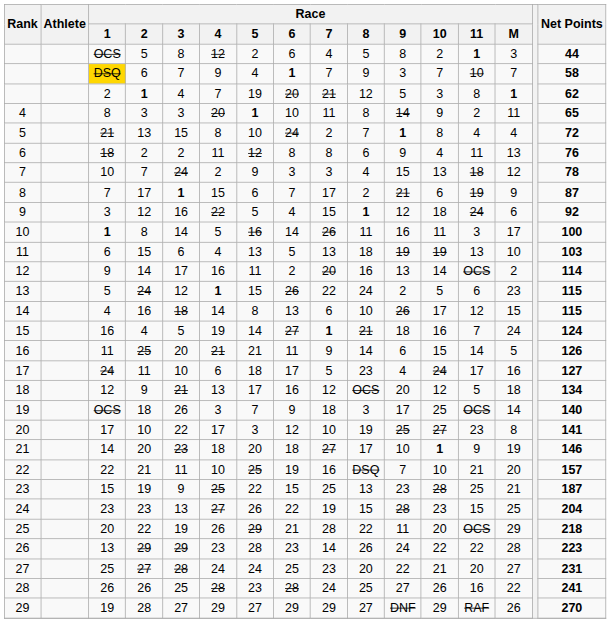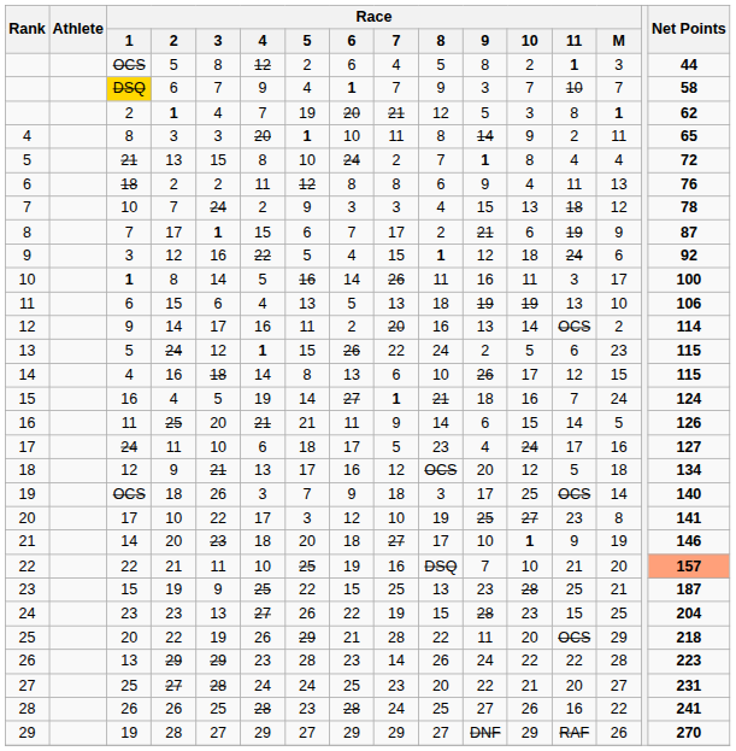 <table class="wikitable" style="text-align:center">
 <tr>
 <th rowspan="2">Rank</th>
 <th rowspan="2">Athlete</th>
 <th colspan="12">Race</th>
 <th width=1% rowspan=45></th>
 <th rowspan="2">Net Points</th>
 </tr>
 <tr>
 <th width=40>1</th>
 <th width=40>2</th>
 <th width=40>3</th>
 <th width=40>4</th>
 <th width=40>5</th>
 <th width=40>6</th>
 <th width=40>7</th>
 <th width=40>8</th>
 <th width=40>9</th>
 <th width=40>10</th>
 <th width=40>11</th>
 <th width=40>M</th>
 </tr>
 <tr>
 <td></td>
 <td align=left></td>
 <td><s>OCS</s></td>
 <td>5</td>
 <td>8</td>
 <td><s>12</s></td>
 <td>2</td>
 <td>6</td>
 <td>4</td>
 <td>5</td>
 <td>8</td>
 <td>2</td>
 <td><strong>1</strong></td>
 <td>3</td>
 <td><strong>44</strong></td>
 </tr>
 <tr>
 <td></td>
 <td align=left></td>
 <td style="background: gold;"><s>DSQ</s></td>
 <td>6</td>
 <td>7</td>
 <td>9</td>
 <td>4</td>
 <td><strong>1</strong></td>
 <td>7</td>
 <td>9</td>
 <td>3</td>
 <td>7</td>
 <td><s>10</s></td>
 <td>7</td>
 <td><strong>58</strong></td>
 </tr>
 <tr>
 <td></td>
 <td align=left></td>
 <td>2</td>
 <td><strong>1</strong></td>
 <td>4</td>
 <td>7</td>
 <td>19</td>
 <td><s>20</s></td>
 <td><s>21</s></td>
 <td>12</td>
 <td>5</td>
 <td>3</td>
 <td>8</td>
 <td><strong>1</strong></td>
 <td><strong>62</strong></td>
 </tr>
 <tr>
 <td>4</td>
 <td align=left></td>
 <td>8</td>
 <td>3</td>
 <td>3</td>
 <td><s>20</s></td>
 <td><strong>1</strong></td>
 <td>10</td>
 <td>11</td>
 <td>8</td>
 <td><s>14</s></td>
 <td>9</td>
 <td>2</td>
 <td>11</td>
 <td><strong>65</strong></td>
 </tr>
 <tr>
 <td>5</td>
 <td align=left></td>
 <td><s>21</s></td>
 <td>13</td>
 <td>15</td>
 <td>8</td>
 <td>10</td>
 <td><s>24</s></td>
 <td>2</td>
 <td>7</td>
 <td><strong>1</strong></td>
 <td>8</td>
 <td>4</td>
 <td>4</td>
 <td><strong>72</strong></td>
 </tr>
 <tr>
 <td>6</td>
 <td align=left></td>
 <td><s>18</s></td>
 <td>2</td>
 <td>2</td>
 <td>11</td>
 <td><s>12</s></td>
 <td>8</td>
 <td>8</td>
 <td>6</td>
 <td>9</td>
 <td>4</td>
 <td>11</td>
 <td>13</td>
 <td><strong>76</strong></td>
 </tr>
 <tr>
 <td>7</td>
 <td align=left></td>
 <td>10</td>
 <td>7</td>
 <td><s>24</s></td>
 <td>2</td>
 <td>9</td>
 <td>3</td>
 <td>3</td>
 <td>4</td>
 <td>15</td>
 <td>13</td>
 <td><s>18</s></td>
 <td>12</td>
 <td><strong>78</strong></td>
 </tr>
 <tr>
 <td>8</td>
 <td align=left></td>
 <td>7</td>
 <td>17</td>
 <td><strong>1</strong></td>
 <td>15</td>
 <td>6</td>
 <td>7</td>
 <td>17</td>
 <td>2</td>
 <td><s>21</s></td>
 <td>6</td>
 <td><s>19</s></td>
 <td>9</td>
 <td><strong>87</strong></td>
 </tr>
 <tr>
 <td>9</td>
 <td align=left></td>
 <td>3</td>
 <td>12</td>
 <td>16</td>
 <td><s>22</s></td>
 <td>5</td>
 <td>4</td>
 <td>15</td>
 <td><strong>1</strong></td>
 <td>12</td>
 <td>18</td>
 <td><s>24</s></td>
 <td>6</td>
 <td><strong>92</strong></td>
 </tr>
 <tr>
 <td>10</td>
 <td align=left></td>
 <td><strong>1</strong></td>
 <td>8</td>
 <td>14</td>
 <td>5</td>
 <td><s>16</s></td>
 <td>14</td>
 <td><s>26</s></td>
 <td>11</td>
 <td>16</td>
 <td>11</td>
 <td>3</td>
 <td>17</td>
 <td><strong>100</strong></td>
 </tr>
 <tr>
 <td>11</td>
 <td align=left></td>
 <td>6</td>
 <td>15</td>
 <td>6</td>
 <td>4</td>
 <td>13</td>
 <td>5</td>
 <td>13</td>
 <td>18</td>
 <td><s>19</s></td>
 <td><s>19</s></td>
 <td>13</td>
 <td>10</td>
-<td><strong>103</strong></td>
+<td><strong>106</strong></td>
 </tr>
 <tr>
 <td>12</td>
 <td align=left></td>
 <td>9</td>
 <td>14</td>
 <td>17</td>
 <td>16</td>
 <td>11</td>
 <td>2</td>
 <td><s>20</s></td>
 <td>16</td>
 <td>13</td>
 <td>14</td>
 <td><s>OCS</s></td>
 <td>2</td>
 <td><strong>114</strong></td>
 </tr>
 <tr>
 <td>13</td>
 <td align=left></td>
 <td>5</td>
 <td><s>24</s></td>
 <td>12</td>
 <td><strong>1</strong></td>
 <td>15</td>
 <td><s>26</s></td>
 <td>22</td>
 <td>24</td>
 <td>2</td>
 <td>5</td>
 <td>6</td>
 <td>23</td>
 <td><strong>115</strong></td>
 </tr>
 <tr>
 <td>14</td>
 <td align=left></td>
 <td>4</td>
 <td>16</td>
 <td><s>18</s></td>
 <td>14</td>
 <td>8</td>
 <td>13</td>
 <td>6</td>
 <td>10</td>
 <td><s>26</s></td>
 <td>17</td>
 <td>12</td>
 <td>15</td>
 <td><strong>115</strong></td>
 </tr>
 <tr>
 <td>15</td>
 <td align=left></td>
 <td>16</td>
 <td>4</td>
 <td>5</td>
 <td>19</td>
 <td>14</td>
 <td><s>27</s></td>
 <td><strong>1</strong></td>
 <td><s>21</s></td>
 <td>18</td>
 <td>16</td>
 <td>7</td>
 <td>24</td>
 <td><strong>124</strong></td>
 </tr>
 <tr>
 <td>16</td>
 <td align=left></td>
 <td>11</td>
 <td><s>25</s></td>
 <td>20</td>
 <td><s>21</s></td>
 <td>21</td>
 <td>11</td>
 <td>9</td>
 <td>14</td>
 <td>6</td>
 <td>15</td>
 <td>14</td>
 <td>5</td>
 <td><strong>126</strong></td>
 </tr>
 <tr>
 <td>17</td>
 <td align=left></td>
 <td><s>24</s></td>
 <td>11</td>
 <td>10</td>
 <td>6</td>
 <td>18</td>
 <td>17</td>
 <td>5</td>
 <td>23</td>
 <td>4</td>
 <td><s>24</s></td>
 <td>17</td>
 <td>16</td>
 <td><strong>127</strong></td>
 </tr>
 <tr>
 <td>18</td>
 <td align=left></td>
 <td>12</td>
 <td>9</td>
 <td><s>21</s></td>
 <td>13</td>
 <td>17</td>
 <td>16</td>
 <td>12</td>
 <td><s>OCS</s></td>
 <td>20</td>
 <td>12</td>
 <td>5</td>
 <td>18</td>
 <td><strong>134</strong></td>
 </tr>
 <tr>
 <td>19</td>
 <td align=left></td>
 <td><s>OCS</s></td>
 <td>18</td>
 <td>26</td>
 <td>3</td>
 <td>7</td>
 <td>9</td>
 <td>18</td>
 <td>3</td>
 <td>17</td>
 <td>25</td>
 <td><s>OCS</s></td>
 <td>14</td>
 <td><strong>140</strong></td>
 </tr>
 <tr>
 <td>20</td>
 <td align=left></td>
 <td>17</td>
 <td>10</td>
 <td>22</td>
 <td>17</td>
 <td>3</td>
 <td>12</td>
 <td>10</td>
 <td>19</td>
 <td><s>25</s></td>
 <td><s>27</s></td>
 <td>23</td>
 <td>8</td>
 <td><strong>141</strong></td>
 </tr>
 <tr>
 <td>21</td>
 <td align=left></td>
 <td>14</td>
 <td>20</td>
 <td><s>23</s></td>
 <td>18</td>
 <td>20</td>
 <td>18</td>
 <td><s>27</s></td>
 <td>17</td>
 <td>10</td>
 <td><strong>1</strong></td>
 <td>9</td>
 <td>19</td>
 <td><strong>146</strong></td>
 </tr>
 <tr>
 <td>22</td>
 <td align=left></td>
 <td>22</td>
 <td>21</td>
 <td>11</td>
 <td>10</td>
 <td><s>25</s></td>
 <td>19</td>
 <td>16</td>
 <td><s>DSQ</s></td>
 <td>7</td>
 <td>10</td>
 <td>21</td>
 <td>20</td>
-<td><strong>157</strong></td>
+<td style="background: lightsalmon;"><strong>157</strong></td>
 </tr>
 <tr>
 <td>23</td>
 <td align=left></td>
 <td>15</td>
 <td>19</td>
 <td>9</td>
 <td><s>25</s></td>
 <td>22</td>
 <td>15</td>
 <td>25</td>
 <td>13</td>
 <td>23</td>
 <td><s>28</s></td>
 <td>25</td>
 <td>21</td>
 <td><strong>187</strong></td>
 </tr>
 <tr>
 <td>24</td>
 <td align=left></td>
 <td>23</td>
 <td>23</td>
 <td>13</td>
 <td><s>27</s></td>
 <td>26</td>
 <td>22</td>
 <td>19</td>
 <td>15</td>
 <td><s>28</s></td>
 <td>23</td>
 <td>15</td>
 <td>25</td>
 <td><strong>204</strong></td>
 </tr>
 <tr>
 <td>25</td>
 <td align=left></td>
 <td>20</td>
 <td>22</td>
 <td>19</td>
 <td>26</td>
 <td><s>29</s></td>
 <td>21</td>
 <td>28</td>
 <td>22</td>
 <td>11</td>
 <td>20</td>
 <td><s>OCS</s></td>
 <td>29</td>
 <td><strong>218</strong></td>
 </tr>
 <tr>
 <td>26</td>
 <td align=left></td>
 <td>13</td>
 <td><s>29</s></td>
 <td><s>29</s></td>
 <td>23</td>
 <td>28</td>
 <td>23</td>
 <td>14</td>
 <td>26</td>
 <td>24</td>
 <td>22</td>
 <td>22</td>
 <td>28</td>
 <td><strong>223</strong></td>
 </tr>
 <tr>
 <td>27</td>
 <td align=left></td>
 <td>25</td>
 <td><s>27</s></td>
 <td><s>28</s></td>
 <td>24</td>
 <td>24</td>
 <td>25</td>
 <td>23</td>
 <td>20</td>
 <td>22</td>
 <td>21</td>
 <td>20</td>
 <td>27</td>
 <td><strong>231</strong></td>
 </tr>
 <tr>
 <td>28</td>
 <td align=left></td>
 <td>26</td>
 <td>26</td>
 <td>25</td>
 <td><s>28</s></td>
 <td>23</td>
 <td><s>28</s></td>
 <td>24</td>
 <td>25</td>
 <td>27</td>
 <td>26</td>
 <td>16</td>
 <td>22</td>
 <td><strong>241</strong></td>
 </tr>
 <tr>
 <td>29</td>
 <td align=left></td>
 <td>19</td>
 <td>28</td>
 <td>27</td>
 <td>29</td>
 <td>27</td>
 <td>29</td>
 <td>29</td>
 <td>27</td>
 <td><s>DNF</s></td>
 <td>29</td>
 <td><s>RAF</s></td>
 <td>26</td>
 <td><strong>270</strong></td>
 </tr>
 <tr>
 </tr>
 </table>
